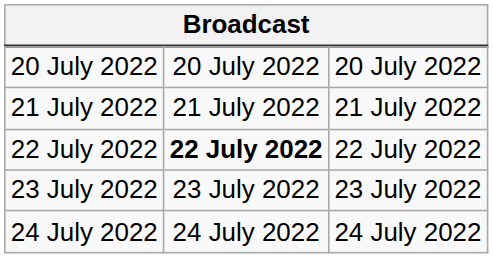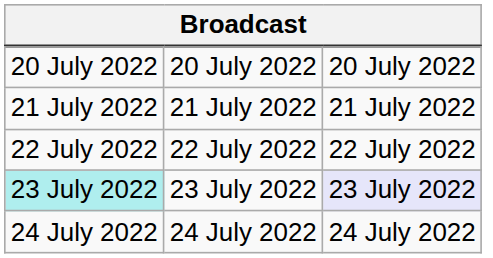 <table class=wikitable style="text-align:center;">
 <tr>
 <th colspan=4>Broadcast</th>
 </tr>
 <tr style="border-top: 2px solid #333333;">
 </tr>
 <tr>
 <td>20 July 2022 </td>
 <td>20 July 2022 </td>
 <td>20 July 2022 </td>
 </tr>
 <tr>
 <td>21 July 2022 </td>
 <td>21 July 2022 </td>
 <td>21 July 2022 </td>
 </tr>
 <tr>
 <td>22 July 2022 </td>
-<td><strong>22 July 2022 </strong></td>
+<td>22 July 2022 </td>
 <td>22 July 2022 </td>
 </tr>
 <tr>
+<td style="background: paleturquoise;">23 July 2022 </td>
 <td>23 July 2022 </td>
-<td>23 July 2022 </td>
-<td>23 July 2022 </td>
+<td style="background: lavender;">23 July 2022 </td>
 </tr>
 <tr>
 <td>24 July 2022 </td>
 <td>24 July 2022 </td>
 <td>24 July 2022 </td>
 </tr>
 </table>
